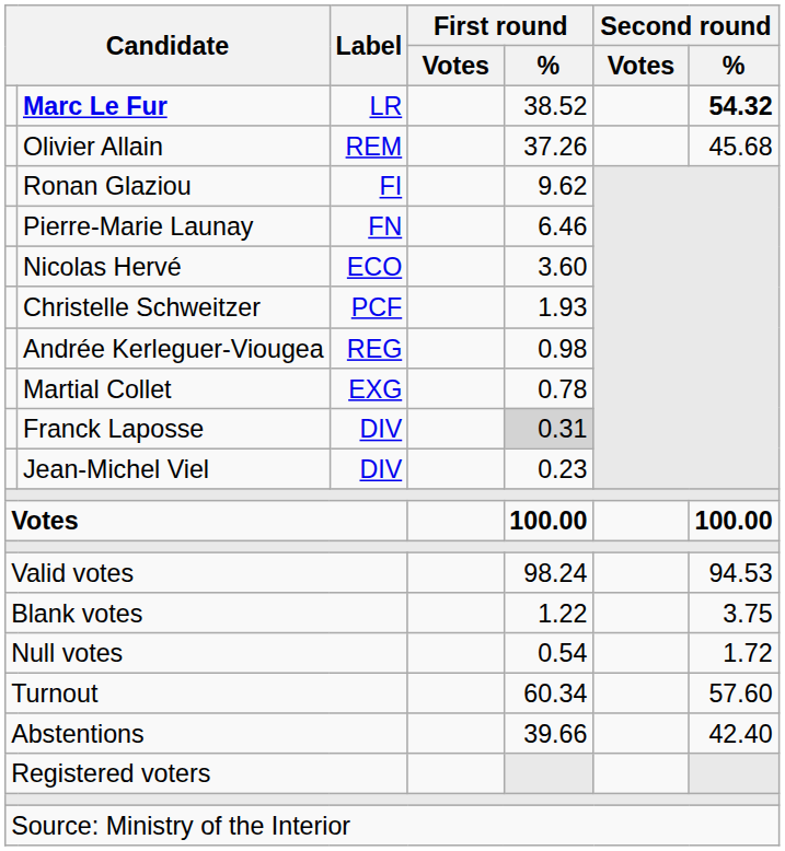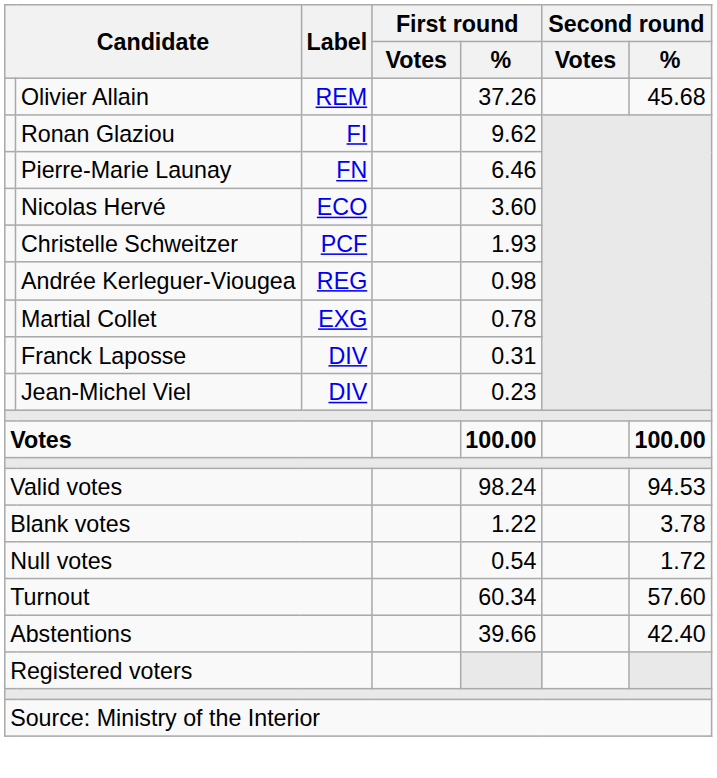 <table class="wikitable" style="text-align:right;font-size:95%;">
 <tr>
 <th rowspan="2" colspan="2">Candidate</th>
 <th rowspan="2">Label</th>
 <th colspan="2">First round</th>
 <th colspan="2">Second round</th>
 </tr>
 <tr>
 <th style="width:50px;">Votes</th>
 <th style="width:45px;">%</th>
 <th style="width:50px;">Votes</th>
 <th style="width:45px;">%</th>
-</tr>
-<tr>
-<td style="color:inherit;background:"></td>
-<td style="text-align:left;"><strong><a href='#'>Marc Le Fur</a></strong></td>
-<td><a href='#'>LR</a></td>
-<td></td>
-<td>38.52</td>
-<td><strong></strong></td>
-<td><strong>54.32</strong></td>
 </tr>
 <tr>
 <td style="color:inherit;background:"></td>
 <td style="text-align:left;">Olivier Allain</td>
 <td><a href='#'>REM</a></td>
 <td></td>
 <td>37.26</td>
 <td></td>
 <td>45.68</td>
 </tr>
 <tr>
 <td style="color:inherit;background:"></td>
 <td style="text-align:left;">Ronan Glaziou</td>
 <td><a href='#'>FI</a></td>
 <td></td>
 <td>9.62</td>
 <td colspan="2" rowspan="8" style="background:#E9E9E9;"></td>
 </tr>
 <tr>
 <td style="color:inherit;background:"></td>
 <td style="text-align:left;">Pierre-Marie Launay</td>
 <td><a href='#'>FN</a></td>
 <td></td>
 <td>6.46</td>
 </tr>
 <tr>
 <td style="color:inherit;background:"></td>
 <td style="text-align:left;">Nicolas Hervé</td>
 <td><a href='#'>ECO</a></td>
 <td></td>
 <td>3.60</td>
 </tr>
 <tr>
 <td style="color:inherit;background:"></td>
 <td style="text-align:left;">Christelle Schweitzer</td>
 <td><a href='#'>PCF</a></td>
 <td></td>
 <td>1.93</td>
 </tr>
 <tr>
 <td style="color:inherit;background:"></td>
 <td style="text-align:left;">Andrée Kerleguer-Viougea</td>
 <td><a href='#'>REG</a></td>
 <td></td>
 <td>0.98</td>
 </tr>
 <tr>
 <td style="color:inherit;background:"></td>
 <td style="text-align:left;">Martial Collet</td>
 <td><a href='#'>EXG</a></td>
 <td></td>
 <td>0.78</td>
 </tr>
 <tr>
 <td style="color:inherit;background:"></td>
 <td style="text-align:left;">Franck Laposse</td>
 <td><a href='#'>DIV</a></td>
 <td></td>
-<td style="background: lightgrey;">0.31</td>
+<td>0.31</td>
 </tr>
 <tr>
 <td style="color:inherit;background:"></td>
 <td style="text-align:left;">Jean-Michel Viel</td>
 <td><a href='#'>DIV</a></td>
 <td></td>
 <td>0.23</td>
 </tr>
 <tr>
 <td colspan="7" style="background:#E9E9E9;"></td>
 </tr>
 <tr style="font-weight:bold;">
 <td colspan="3" style="text-align:left;">Votes</td>
 <td></td>
 <td>100.00</td>
 <td></td>
 <td>100.00</td>
 </tr>
 <tr>
 <td colspan="7" style="background:#E9E9E9;"></td>
 </tr>
 <tr>
 <td colspan="3" style="text-align:left;">Valid votes</td>
 <td></td>
 <td>98.24</td>
 <td></td>
 <td>94.53</td>
 </tr>
 <tr>
 <td colspan="3" style="text-align:left;">Blank votes</td>
 <td></td>
 <td>1.22</td>
 <td></td>
-<td>3.75</td>
+<td>3.78</td>
 </tr>
 <tr>
 <td colspan="3" style="text-align:left;">Null votes</td>
 <td></td>
 <td>0.54</td>
 <td></td>
 <td>1.72</td>
 </tr>
 <tr>
 <td colspan="3" style="text-align:left;">Turnout</td>
 <td></td>
 <td>60.34</td>
 <td></td>
 <td>57.60</td>
 </tr>
 <tr>
 <td colspan="3" style="text-align:left;">Abstentions</td>
 <td></td>
 <td>39.66</td>
 <td></td>
 <td>42.40</td>
 </tr>
 <tr>
 <td colspan="3" style="text-align:left;">Registered voters</td>
 <td></td>
 <td style="color:inherit;background:#E9E9E9;"></td>
 <td></td>
 <td style="color:inherit;background:#E9E9E9;"></td>
 </tr>
 <tr>
 <td colspan="7" style="background:#E9E9E9;"></td>
 </tr>
 <tr>
 <td colspan="7" style="text-align:left;">Source: Ministry of the Interior<br></td>
 </tr>
 </table>
